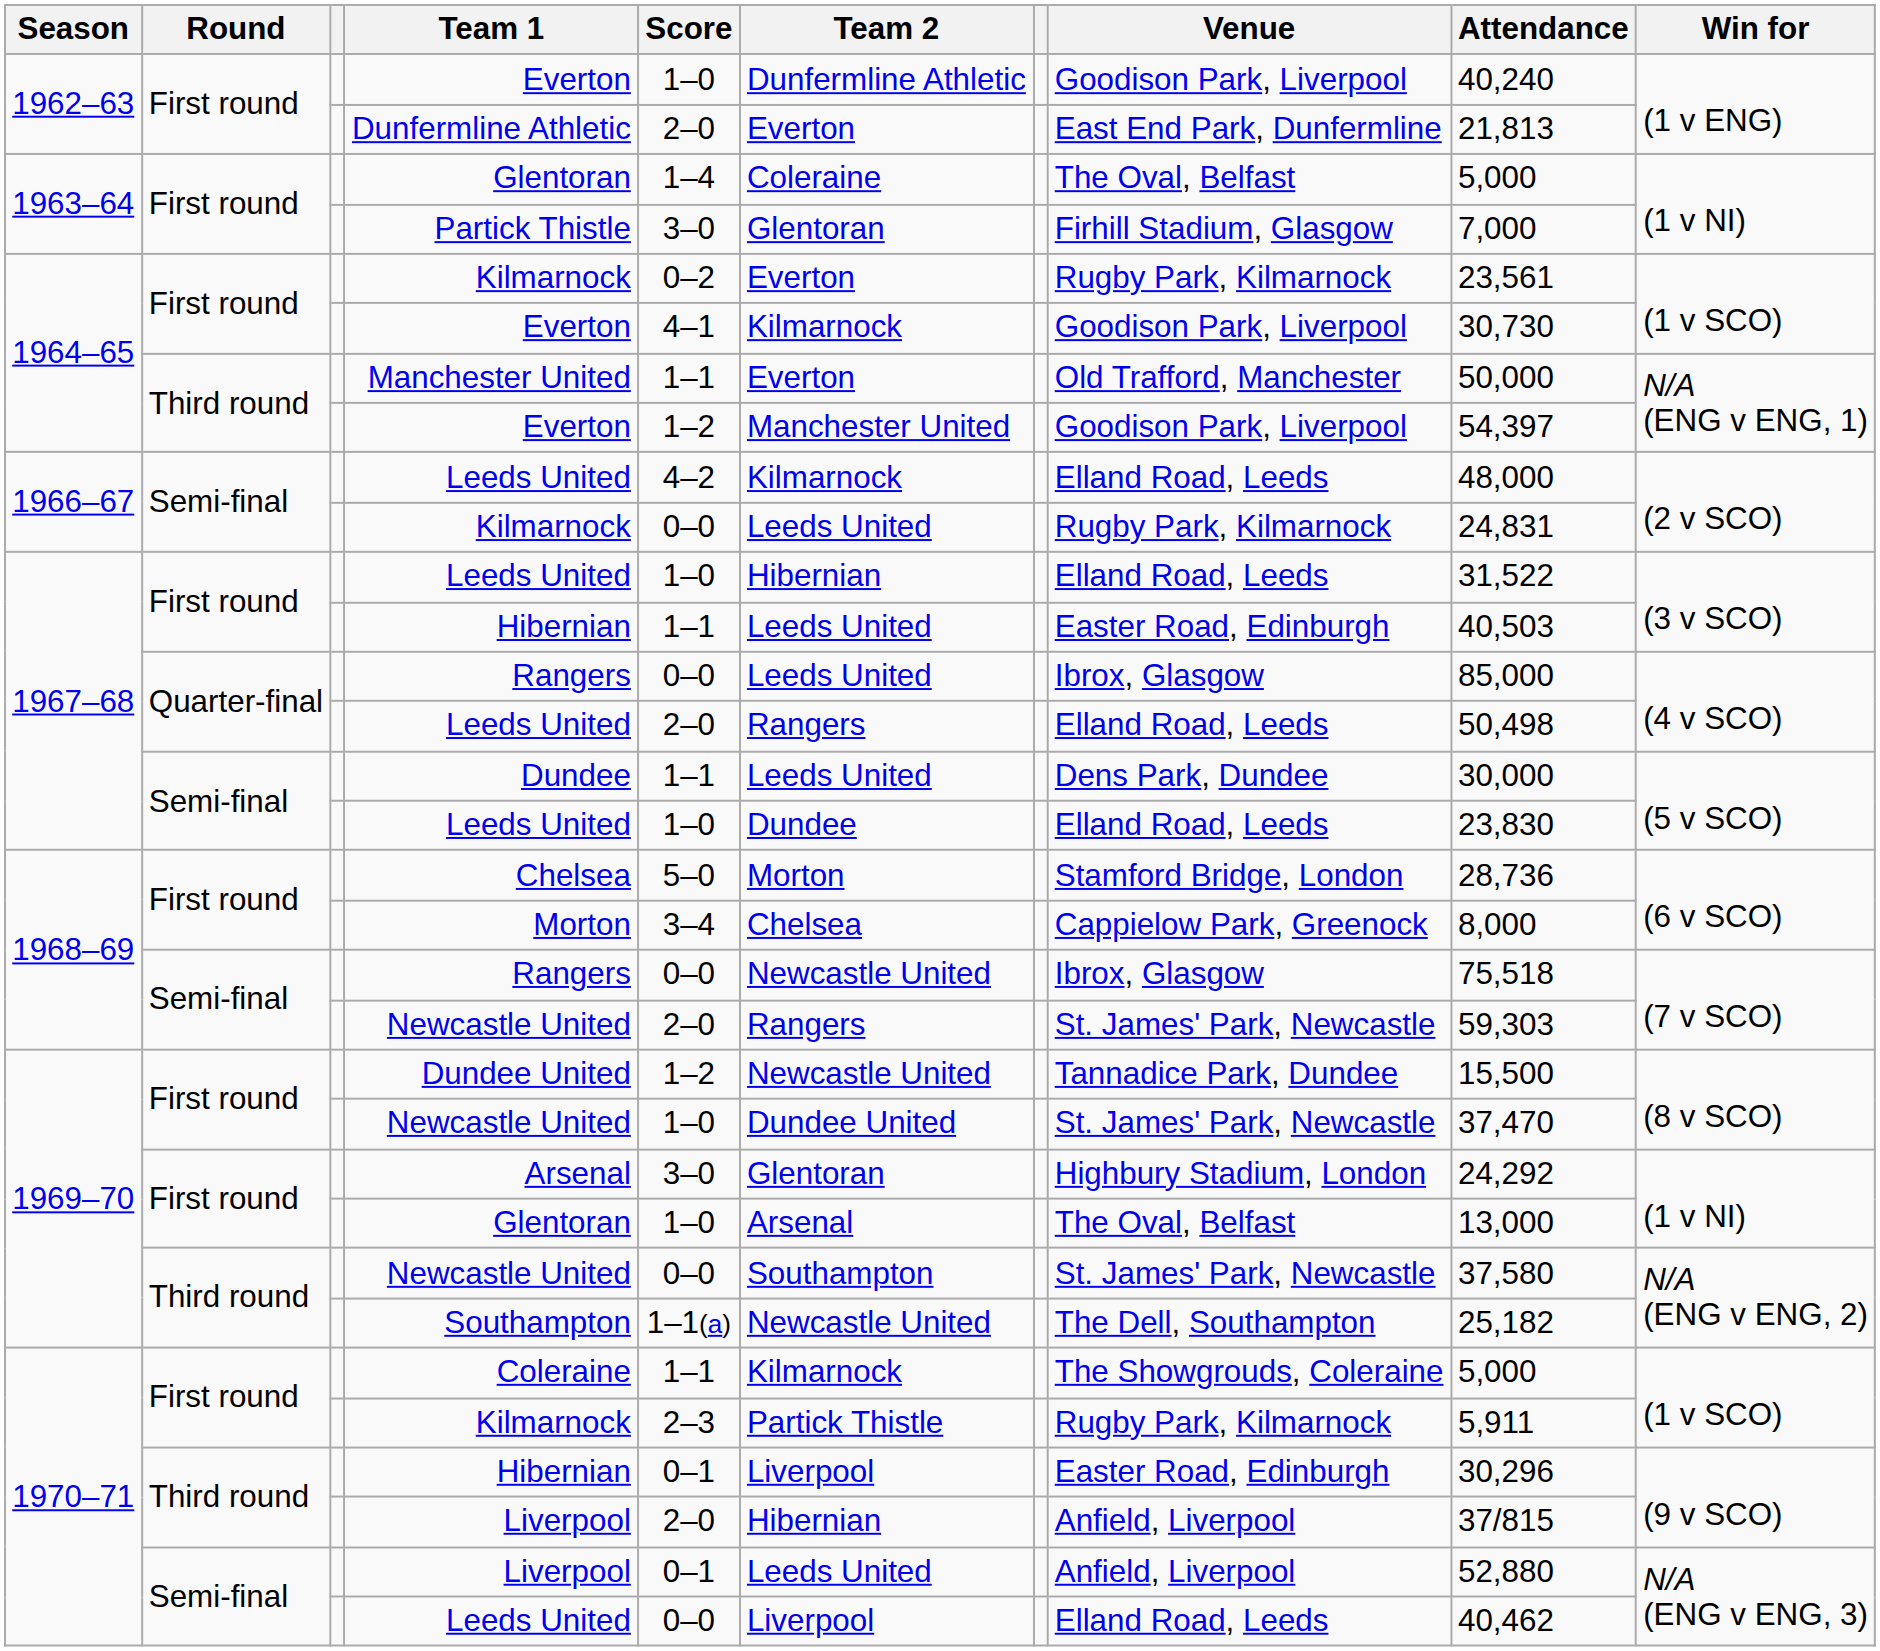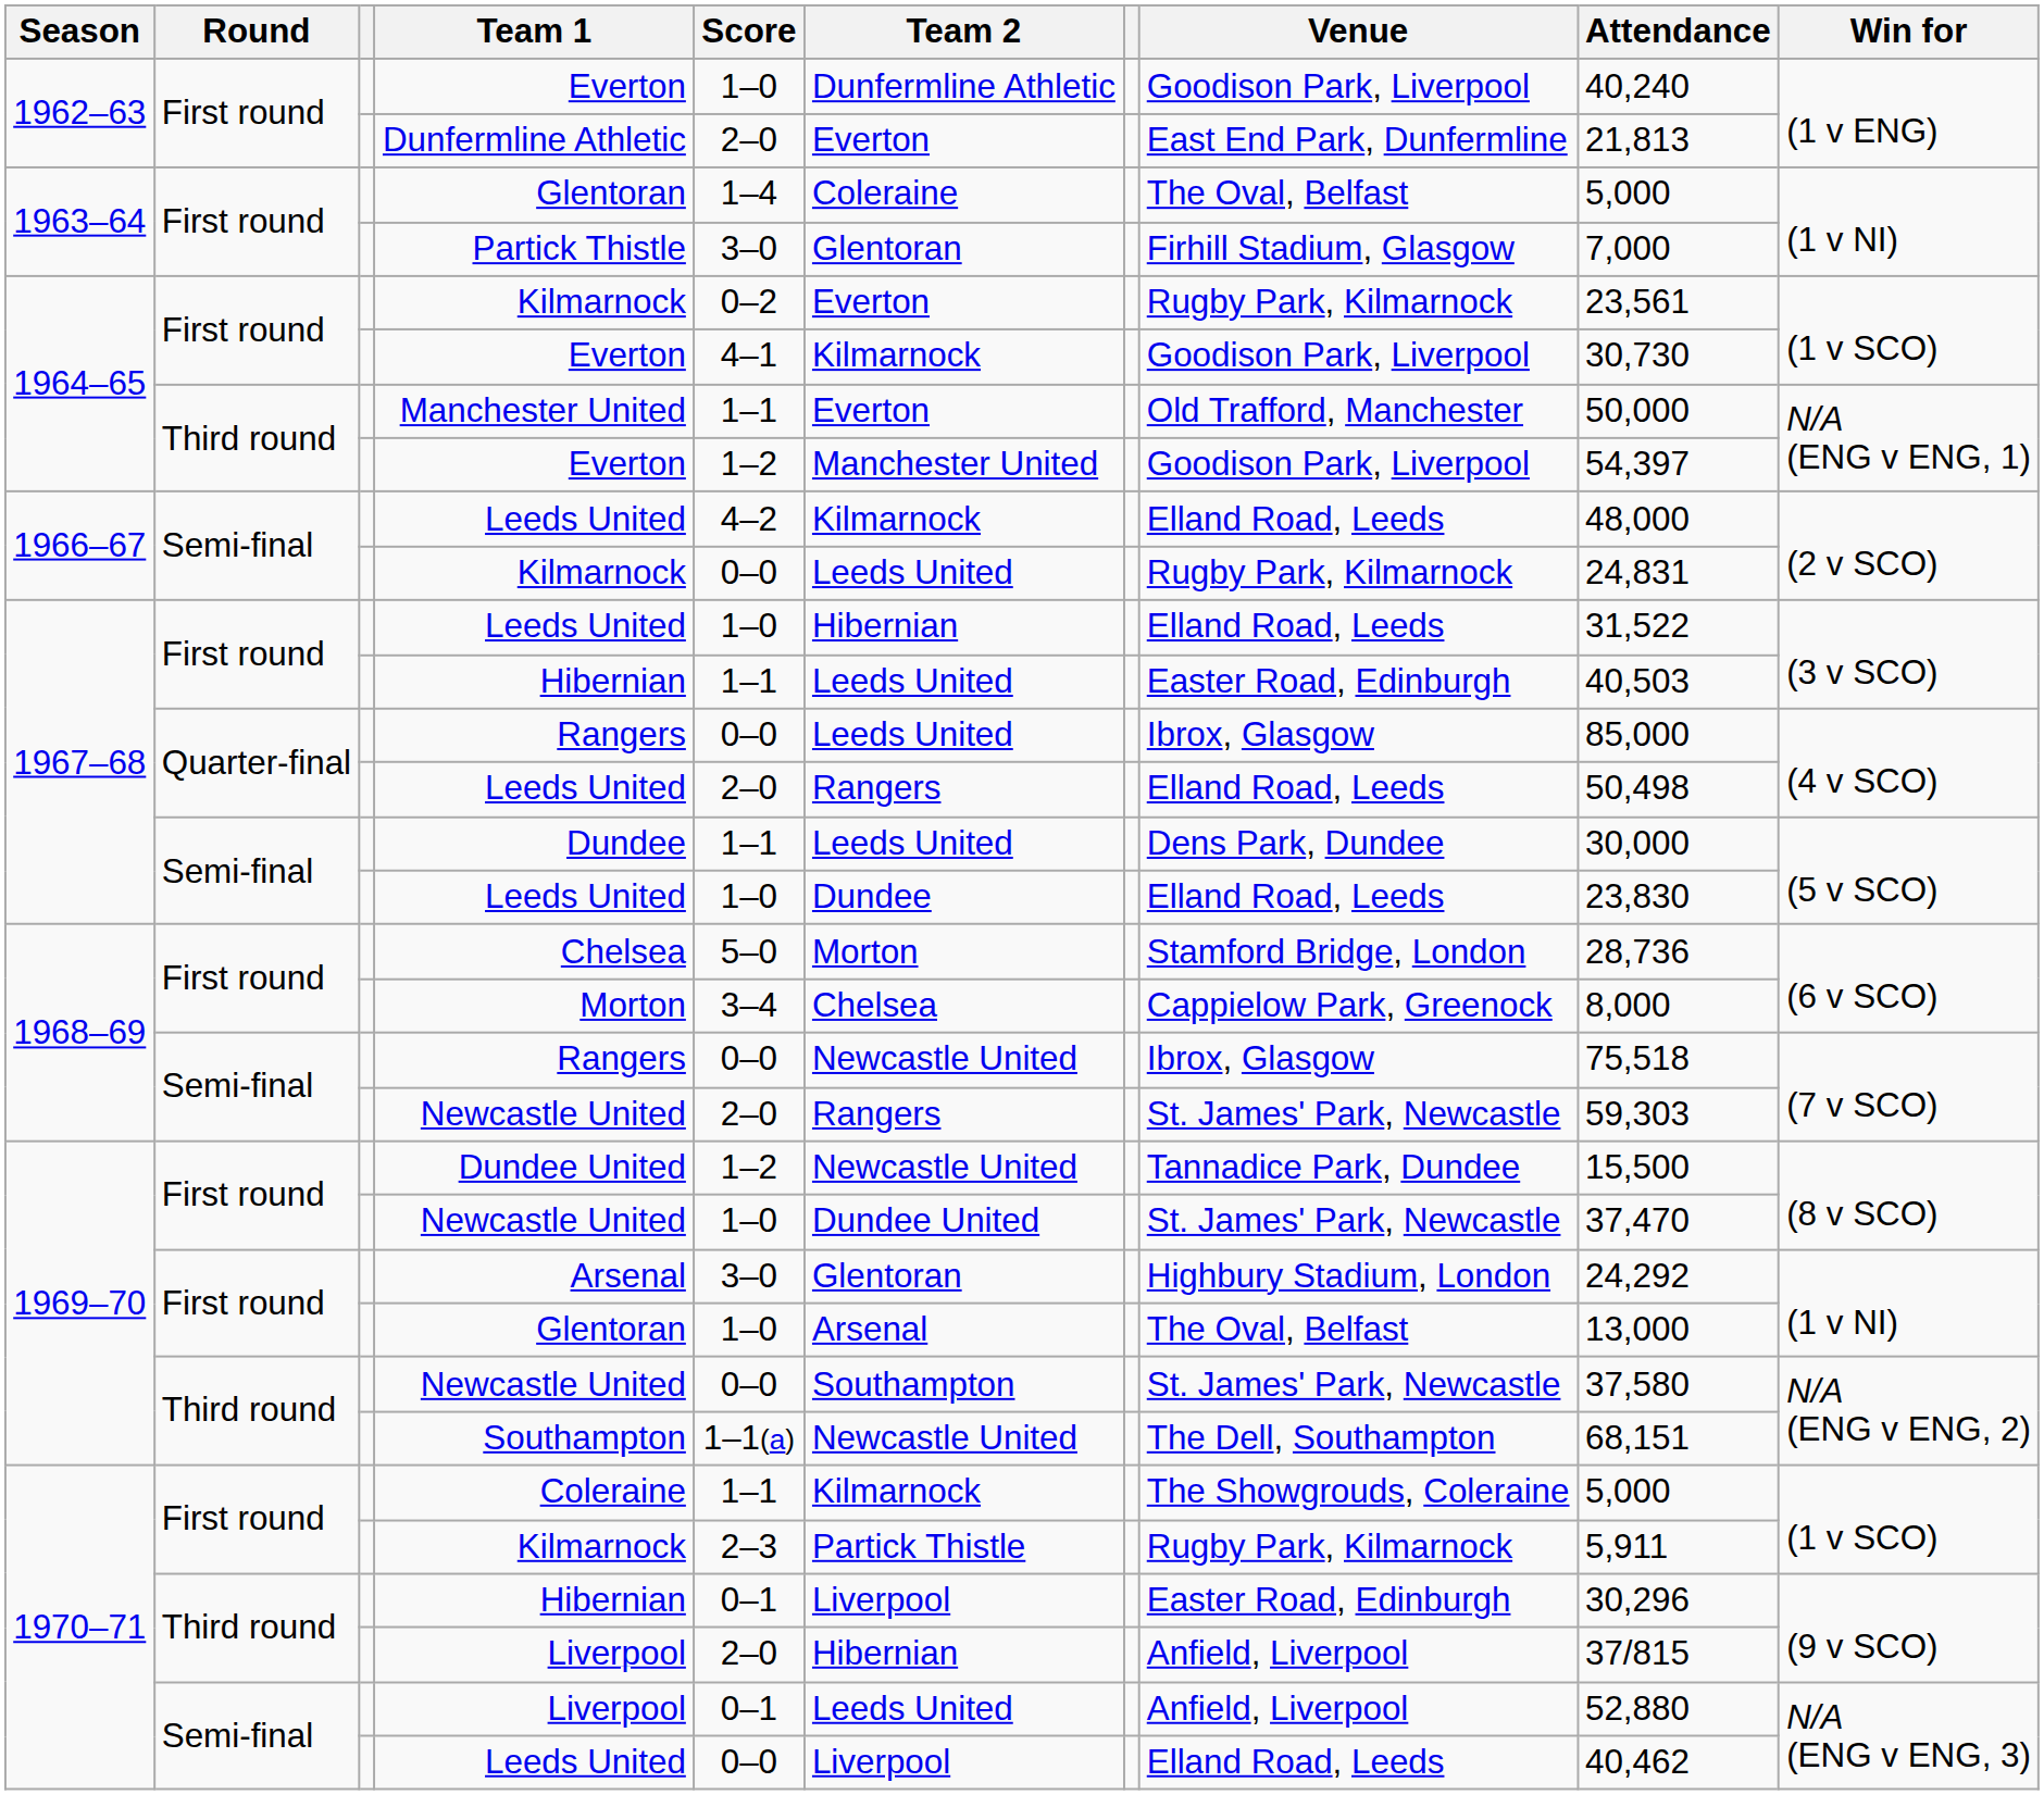 <table class="wikitable">
 <tr>
 <th>Season</th>
 <th>Round</th>
 <th></th>
 <th>Team 1</th>
 <th>Score</th>
 <th>Team 2</th>
 <th></th>
 <th>Venue</th>
 <th>Attendance</th>
 <th>Win for</th>
 </tr>
 <tr>
 <td rowspan=2><a href='#'>1962–63</a></td>
 <td rowspan=2>First round</td>
 <td align=center></td>
 <td align="right"><a href='#'>Everton</a></td>
 <td style="text-align:center;">1–0</td>
 <td><a href='#'>Dunfermline Athletic</a></td>
 <td align=center></td>
 <td><a href='#'>Goodison Park</a>, <a href='#'>Liverpool</a></td>
 <td>40,240</td>
 <td rowspan=2> <br>(1 v ENG)</td>
 </tr>
 <tr>
 <td align=center></td>
 <td align="right"><a href='#'>Dunfermline Athletic</a></td>
 <td style="text-align:center;">2–0</td>
 <td><a href='#'>Everton</a></td>
 <td align=center></td>
 <td><a href='#'>East End Park</a>, <a href='#'>Dunfermline</a></td>
 <td>21,813</td>
 </tr>
 <tr>
 <td rowspan=2><a href='#'>1963–64</a></td>
 <td rowspan=2>First round</td>
 <td align=center></td>
 <td align="right"><a href='#'>Glentoran</a></td>
 <td style="text-align:center;">1–4</td>
 <td><a href='#'>Coleraine</a></td>
 <td align=center></td>
 <td><a href='#'>The Oval</a>, <a href='#'>Belfast</a></td>
 <td>5,000</td>
 <td rowspan=2> <br>(1 v NI)</td>
 </tr>
 <tr>
 <td align=center></td>
 <td align="right"><a href='#'>Partick Thistle</a></td>
 <td style="text-align:center;">3–0</td>
 <td><a href='#'>Glentoran</a></td>
 <td align=center></td>
 <td><a href='#'>Firhill Stadium</a>, <a href='#'>Glasgow</a></td>
 <td>7,000</td>
 </tr>
 <tr>
 <td rowspan=4><a href='#'>1964–65</a></td>
 <td rowspan=2>First round</td>
 <td align=center></td>
 <td align="right"><a href='#'>Kilmarnock</a></td>
 <td style="text-align:center;">0–2</td>
 <td><a href='#'>Everton</a></td>
 <td align=center></td>
 <td><a href='#'>Rugby Park</a>, <a href='#'>Kilmarnock</a></td>
 <td>23,561</td>
 <td rowspan=2> <br>(1 v SCO)</td>
 </tr>
 <tr>
 <td align=center></td>
 <td align="right"><a href='#'>Everton</a></td>
 <td style="text-align:center;">4–1</td>
 <td><a href='#'>Kilmarnock</a></td>
 <td align=center></td>
 <td><a href='#'>Goodison Park</a>, <a href='#'>Liverpool</a></td>
 <td>30,730</td>
 </tr>
 <tr>
 <td rowspan=2>Third round</td>
 <td align=center></td>
 <td align="right"><a href='#'>Manchester United</a></td>
 <td style="text-align:center;">1–1</td>
 <td><a href='#'>Everton</a></td>
 <td align=center></td>
 <td><a href='#'>Old Trafford</a>, <a href='#'>Manchester</a></td>
 <td>50,000</td>
 <td rowspan=2><em>N/A</em><br>(ENG v ENG, 1)</td>
 </tr>
 <tr>
 <td align=center></td>
 <td align="right"><a href='#'>Everton</a></td>
 <td style="text-align:center;">1–2</td>
 <td><a href='#'>Manchester United</a></td>
 <td align=center></td>
 <td><a href='#'>Goodison Park</a>, <a href='#'>Liverpool</a></td>
 <td>54,397</td>
 </tr>
 <tr>
 <td rowspan=2><a href='#'>1966–67</a></td>
 <td rowspan=2>Semi-final</td>
 <td align=center></td>
 <td align="right"><a href='#'>Leeds United</a></td>
 <td style="text-align:center;">4–2</td>
 <td><a href='#'>Kilmarnock</a></td>
 <td align=center></td>
 <td><a href='#'>Elland Road</a>, <a href='#'>Leeds</a></td>
 <td>48,000</td>
 <td rowspan=2> <br>(2 v SCO)</td>
 </tr>
 <tr>
 <td align=center></td>
 <td align="right"><a href='#'>Kilmarnock</a></td>
 <td style="text-align:center;">0–0</td>
 <td><a href='#'>Leeds United</a></td>
 <td align=center></td>
 <td><a href='#'>Rugby Park</a>, <a href='#'>Kilmarnock</a></td>
 <td>24,831</td>
 </tr>
 <tr>
 <td rowspan=6><a href='#'>1967–68</a></td>
 <td rowspan=2>First round</td>
 <td align=center></td>
 <td align="right"><a href='#'>Leeds United</a></td>
 <td style="text-align:center;">1–0</td>
 <td><a href='#'>Hibernian</a></td>
 <td align=center></td>
 <td><a href='#'>Elland Road</a>, <a href='#'>Leeds</a></td>
 <td>31,522</td>
 <td rowspan=2> <br>(3 v SCO)</td>
 </tr>
 <tr>
 <td align=center></td>
 <td align="right"><a href='#'>Hibernian</a></td>
 <td style="text-align:center;">1–1</td>
 <td><a href='#'>Leeds United</a></td>
 <td align=center></td>
 <td><a href='#'>Easter Road</a>, <a href='#'>Edinburgh</a></td>
 <td>40,503</td>
 </tr>
 <tr>
 <td rowspan=2>Quarter-final</td>
 <td align=center></td>
 <td align="right"><a href='#'>Rangers</a></td>
 <td style="text-align:center;">0–0</td>
 <td><a href='#'>Leeds United</a></td>
 <td align=center></td>
 <td><a href='#'>Ibrox</a>, <a href='#'>Glasgow</a></td>
 <td>85,000</td>
 <td rowspan=2> <br>(4 v SCO)</td>
 </tr>
 <tr>
 <td align=center></td>
 <td align="right"><a href='#'>Leeds United</a></td>
 <td style="text-align:center;">2–0</td>
 <td><a href='#'>Rangers</a></td>
 <td align=center></td>
 <td><a href='#'>Elland Road</a>, <a href='#'>Leeds</a></td>
 <td>50,498</td>
 </tr>
 <tr>
 <td rowspan=2>Semi-final</td>
 <td align=center></td>
 <td align="right"><a href='#'>Dundee</a></td>
 <td style="text-align:center;">1–1</td>
 <td><a href='#'>Leeds United</a></td>
 <td align=center></td>
 <td><a href='#'>Dens Park</a>, <a href='#'>Dundee</a></td>
 <td>30,000</td>
 <td rowspan=2> <br>(5 v SCO)</td>
 </tr>
 <tr>
 <td align=center></td>
 <td align="right"><a href='#'>Leeds United</a></td>
 <td style="text-align:center;">1–0</td>
 <td><a href='#'>Dundee</a></td>
 <td align=center></td>
 <td><a href='#'>Elland Road</a>, <a href='#'>Leeds</a></td>
 <td>23,830</td>
 </tr>
 <tr>
 <td rowspan=4><a href='#'>1968–69</a></td>
 <td rowspan=2>First round</td>
 <td align=center></td>
 <td align="right"><a href='#'>Chelsea</a></td>
 <td style="text-align:center;">5–0</td>
 <td><a href='#'>Morton</a></td>
 <td align=center></td>
 <td><a href='#'>Stamford Bridge</a>, <a href='#'>London</a></td>
 <td>28,736</td>
 <td rowspan=2> <br>(6 v SCO)</td>
 </tr>
 <tr>
 <td align=center></td>
 <td align="right"><a href='#'>Morton</a></td>
 <td style="text-align:center;">3–4</td>
 <td><a href='#'>Chelsea</a></td>
 <td align=center></td>
 <td><a href='#'>Cappielow Park</a>, <a href='#'>Greenock</a></td>
 <td>8,000</td>
 </tr>
 <tr>
 <td rowspan=2>Semi-final</td>
 <td align=center></td>
 <td align="right"><a href='#'>Rangers</a></td>
 <td style="text-align:center;">0–0</td>
 <td><a href='#'>Newcastle United</a></td>
 <td align=center></td>
 <td><a href='#'>Ibrox</a>, <a href='#'>Glasgow</a></td>
 <td>75,518</td>
 <td rowspan=2> <br>(7 v SCO)</td>
 </tr>
 <tr>
 <td align=center></td>
 <td align="right"><a href='#'>Newcastle United</a></td>
 <td style="text-align:center;">2–0</td>
 <td><a href='#'>Rangers</a></td>
 <td align=center></td>
 <td><a href='#'>St. James' Park</a>, <a href='#'>Newcastle</a></td>
 <td>59,303</td>
 </tr>
 <tr>
 <td rowspan=6><a href='#'>1969–70</a></td>
 <td rowspan=2>First round</td>
 <td align=center></td>
 <td align="right"><a href='#'>Dundee United</a></td>
 <td style="text-align:center;">1–2</td>
 <td><a href='#'>Newcastle United</a></td>
 <td align=center></td>
 <td><a href='#'>Tannadice Park</a>, <a href='#'>Dundee</a></td>
 <td>15,500</td>
 <td rowspan=2> <br>(8 v SCO)</td>
 </tr>
 <tr>
 <td align=center></td>
 <td align="right"><a href='#'>Newcastle United</a></td>
 <td style="text-align:center;">1–0</td>
 <td><a href='#'>Dundee United</a></td>
 <td align=center></td>
 <td><a href='#'>St. James' Park</a>, <a href='#'>Newcastle</a></td>
 <td>37,470</td>
 </tr>
 <tr>
 <td rowspan=2>First round</td>
 <td align=center></td>
 <td align="right"><a href='#'>Arsenal</a></td>
 <td style="text-align:center;">3–0</td>
 <td><a href='#'>Glentoran</a></td>
 <td align=center></td>
 <td><a href='#'>Highbury Stadium</a>, <a href='#'>London</a></td>
 <td>24,292</td>
 <td rowspan=2> <br>(1 v NI)</td>
 </tr>
 <tr>
 <td align=center></td>
 <td align="right"><a href='#'>Glentoran</a></td>
 <td style="text-align:center;">1–0</td>
 <td><a href='#'>Arsenal</a></td>
 <td align=center></td>
 <td><a href='#'>The Oval</a>, <a href='#'>Belfast</a></td>
 <td>13,000</td>
 </tr>
 <tr>
 <td rowspan=2>Third round</td>
 <td align=center></td>
 <td align="right"><a href='#'>Newcastle United</a></td>
 <td style="text-align:center;">0–0</td>
 <td><a href='#'>Southampton</a></td>
 <td align=center></td>
 <td><a href='#'>St. James' Park</a>, <a href='#'>Newcastle</a></td>
 <td>37,580</td>
 <td rowspan=2><em>N/A</em><br>(ENG v ENG, 2)</td>
 </tr>
 <tr>
 <td align=center></td>
 <td align="right"><a href='#'>Southampton</a></td>
 <td style="text-align:center;">1–1<small>(<a href='#'>a</a>)</small></td>
 <td><a href='#'>Newcastle United</a></td>
 <td align=center></td>
 <td><a href='#'>The Dell</a>, <a href='#'>Southampton</a></td>
-<td>25,182</td>
+<td>68,151</td>
 </tr>
 <tr>
 <td rowspan=6><a href='#'>1970–71</a></td>
 <td rowspan=2>First round</td>
 <td align=center></td>
 <td align="right"><a href='#'>Coleraine</a></td>
 <td style="text-align:center;">1–1</td>
 <td><a href='#'>Kilmarnock</a></td>
 <td align=center></td>
 <td><a href='#'>The Showgrouds</a>, <a href='#'>Coleraine</a></td>
 <td>5,000</td>
 <td rowspan=2> <br>(1 v SCO)</td>
 </tr>
 <tr>
 <td align=center></td>
 <td align="right"><a href='#'>Kilmarnock</a></td>
 <td style="text-align:center;">2–3</td>
 <td><a href='#'>Partick Thistle</a></td>
 <td align=center></td>
 <td><a href='#'>Rugby Park</a>, <a href='#'>Kilmarnock</a></td>
 <td>5,911</td>
 </tr>
 <tr>
 <td rowspan=2>Third round</td>
 <td align=center></td>
 <td align="right"><a href='#'>Hibernian</a></td>
 <td style="text-align:center;">0–1</td>
 <td><a href='#'>Liverpool</a></td>
 <td align=center></td>
 <td><a href='#'>Easter Road</a>, <a href='#'>Edinburgh</a></td>
 <td>30,296</td>
 <td rowspan=2> <br>(9 v SCO)</td>
 </tr>
 <tr>
 <td align=center></td>
 <td align="right"><a href='#'>Liverpool</a></td>
 <td style="text-align:center;">2–0</td>
 <td><a href='#'>Hibernian</a></td>
 <td align=center></td>
 <td><a href='#'>Anfield</a>, <a href='#'>Liverpool</a></td>
 <td>37/815</td>
 </tr>
 <tr>
 <td rowspan=2>Semi-final</td>
 <td align=center></td>
 <td align="right"><a href='#'>Liverpool</a></td>
 <td style="text-align:center;">0–1</td>
 <td><a href='#'>Leeds United</a></td>
 <td align=center></td>
 <td><a href='#'>Anfield</a>, <a href='#'>Liverpool</a></td>
 <td>52,880</td>
 <td rowspan=2><em>N/A</em><br>(ENG v ENG, 3)</td>
 </tr>
 <tr>
 <td align=center></td>
 <td align="right"><a href='#'>Leeds United</a></td>
 <td style="text-align:center;">0–0</td>
 <td><a href='#'>Liverpool</a></td>
 <td align=center></td>
 <td><a href='#'>Elland Road</a>, <a href='#'>Leeds</a></td>
 <td>40,462</td>
 </tr>
 </table>
